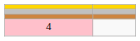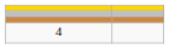 <table class="wikitable" style="width:200px;">
 <tr style="background:gold;">
 <td align=center></td>
 <td></td>
 </tr>
 <tr style="background:silver;">
 <td align=center></td>
 <td></td>
 </tr>
 <tr style="background:peru;">
 <td align=center></td>
 <td></td>
 </tr>
 <tr>
-<td align=center style="background: pink;">4</td>
+<td align=center>4</td>
 <td></td>
 </tr>
 </table>
